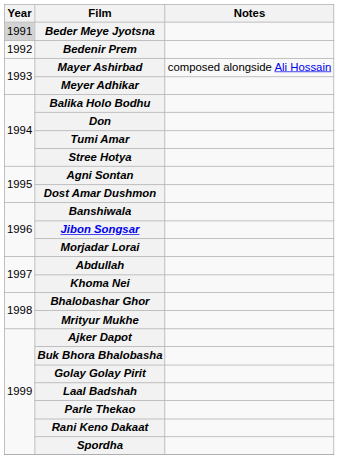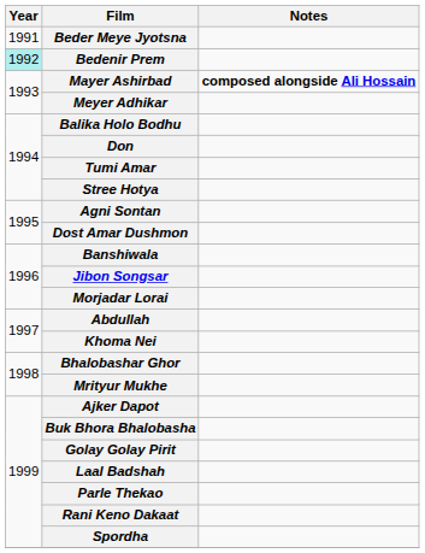 <table class="wikitable sortable">
 <tr>
 <th>Year</th>
 <th>Film</th>
 <th>Notes</th>
 </tr>
 <tr>
-<td style="background: lightgrey;">1991</td>
+<td>1991</td>
 <th><em>Beder Meye Jyotsna</em> </th>
 <td></td>
 </tr>
 <tr>
-<td>1992</td>
+<td style="background: paleturquoise;">1992</td>
 <th><em>Bedenir Prem</em></th>
 <td></td>
 </tr>
 <tr>
 <td rowspan=2>1993</td>
 <th><em>Mayer Ashirbad</em> </th>
-<td>composed alongside <a href='#'>Ali Hossain</a></td>
+<td><strong>composed alongside <a href='#'>Ali Hossain</a></strong></td>
 </tr>
 <tr>
 <th><em>Meyer Adhikar</em></th>
 <td></td>
 </tr>
 <tr>
 <td rowspan=4>1994</td>
 <th><em>Balika Holo Bodhu</em></th>
 <td></td>
 </tr>
 <tr>
 <th><em>Don</em></th>
 <td></td>
 </tr>
 <tr>
 <th><em>Tumi Amar</em> </th>
 <td></td>
 </tr>
 <tr>
 <th><em>Stree Hotya</em></th>
 <td></td>
 </tr>
 <tr>
 <td rowspan=2>1995</td>
 <th><em>Agni Sontan</em></th>
 <td></td>
 </tr>
 <tr>
 <th><em>Dost Amar Dushmon</em></th>
 <td></td>
 </tr>
 <tr>
 <td rowspan=3>1996</td>
 <th><em>Banshiwala</em> </th>
 <td></td>
 </tr>
 <tr>
 <th><em><a href='#'>Jibon Songsar</a></em></th>
 <td></td>
 </tr>
 <tr>
 <th Rowspan=><em>Morjadar Lorai</em></th>
 <td></td>
 </tr>
 <tr>
 <td rowspan=2>1997</td>
 <th><em>Abdullah</em></th>
 <td></td>
 </tr>
 <tr>
 <th><em>Khoma Nei</em></th>
 <td></td>
 </tr>
 <tr>
 <td rowspan=2>1998</td>
 <th><em>Bhalobashar Ghor</em></th>
 <td></td>
 </tr>
 <tr>
 <th><em>Mrityur Mukhe</em></th>
 <td></td>
 </tr>
 <tr>
 <td rowspan=7>1999</td>
 <th><em>Ajker Dapot</em></th>
 <td></td>
 </tr>
 <tr>
 <th><em>Buk Bhora Bhalobasha</em> </th>
 <td></td>
 </tr>
 <tr>
 <th><em>Golay Golay Pirit</em></th>
 <td></td>
 </tr>
 <tr>
 <th><em>Laal Badshah</em></th>
 <td></td>
 </tr>
 <tr>
 <th><em>Parle Thekao</em></th>
 <td></td>
 </tr>
 <tr>
 <th><em>Rani Keno Dakaat</em></th>
 <td></td>
 </tr>
 <tr>
 <th><em>Spordha</em> </th>
 <td></td>
 </tr>
 <tr>
 </tr>
 </table>
